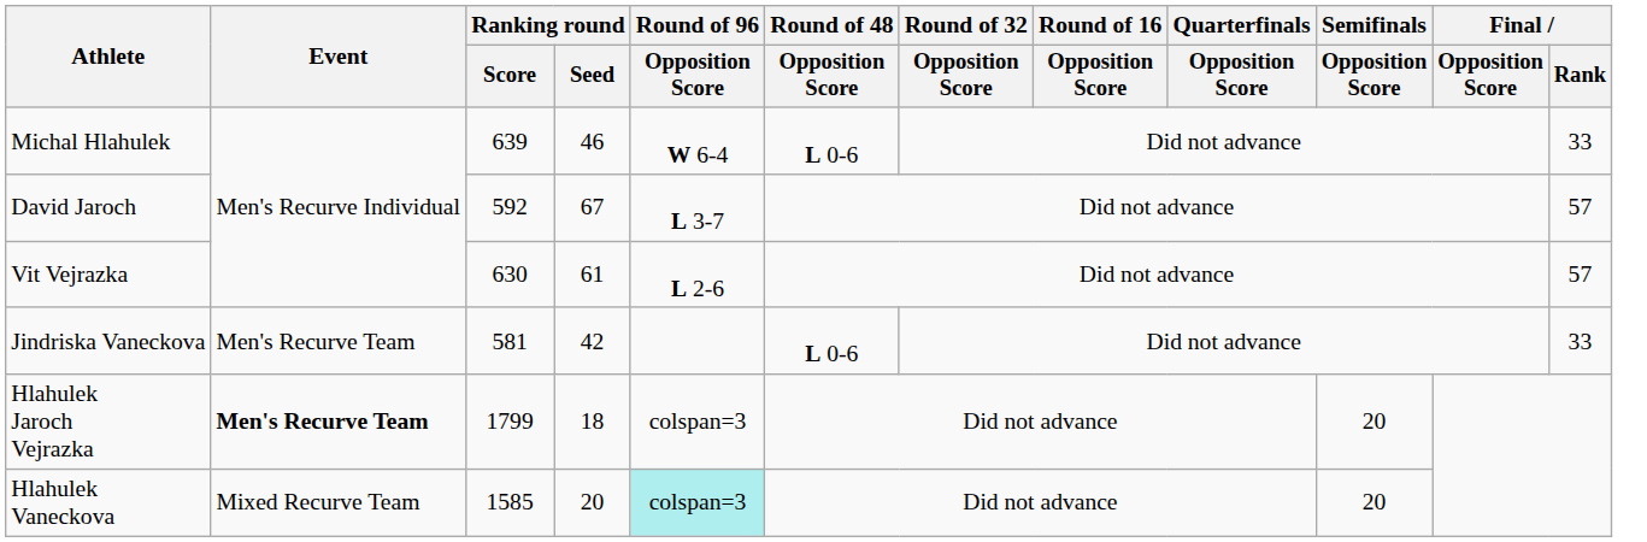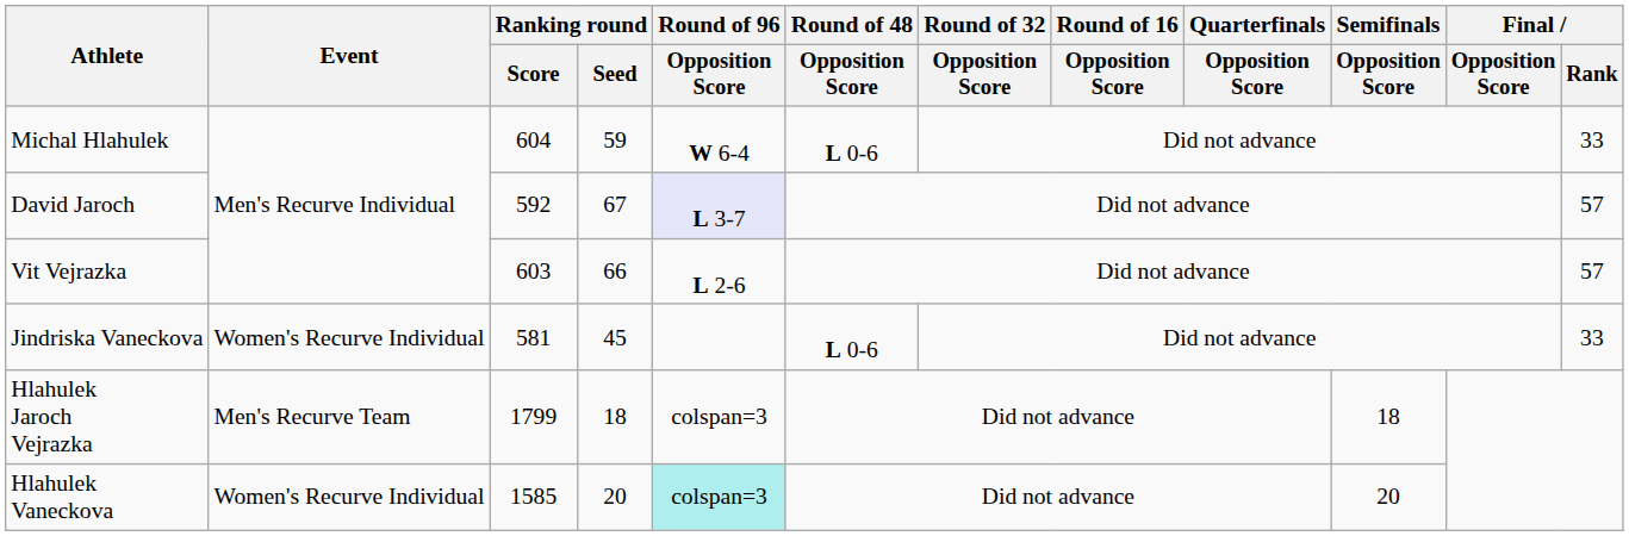 <table class="wikitable" style="font-size:90%">
 <tr>
 <th rowspan=2>Athlete</th>
 <th rowspan=2>Event</th>
 <th colspan="2">Ranking round</th>
 <th>Round of 96</th>
 <th>Round of 48</th>
 <th>Round of 32</th>
 <th>Round of 16</th>
 <th>Quarterfinals</th>
 <th>Semifinals</th>
 <th colspan="2">Final / </th>
 </tr>
 <tr style="font-size:95%">
 <th>Score</th>
 <th>Seed</th>
 <th>Opposition<br>Score</th>
 <th>Opposition<br>Score</th>
 <th>Opposition<br>Score</th>
 <th>Opposition<br>Score</th>
 <th>Opposition<br>Score</th>
 <th>Opposition<br>Score</th>
 <th>Opposition<br>Score</th>
 <th>Rank</th>
 </tr>
 <tr align=center>
 <td align=left>Michal Hlahulek</td>
 <td align=left rowspan=3>Men's Recurve Individual</td>
-<td>639</td>
-<td>46</td>
+<td>604</td>
+<td>59</td>
 <td><br><strong>W</strong> 6-4</td>
 <td><br><strong>L</strong> 0-6</td>
 <td colspan=5>Did not advance</td>
 <td>33</td>
 </tr>
 <tr align=center>
 <td align=left>David Jaroch</td>
 <td>592</td>
 <td>67</td>
-<td><br><strong>L</strong> 3-7</td>
+<td style="background: lavender;"><br><strong>L</strong> 3-7</td>
 <td colspan=6>Did not advance</td>
 <td>57</td>
 </tr>
 <tr align=center>
 <td align=left>Vit Vejrazka</td>
-<td>630</td>
-<td>61</td>
+<td>603</td>
+<td>66</td>
 <td><br><strong>L</strong> 2-6</td>
 <td colspan=6>Did not advance</td>
 <td>57</td>
 </tr>
 <tr align=center>
 <td align=left>Jindriska Vaneckova</td>
-<td align=left>Men's Recurve Team</td>
+<td align=left>Women's Recurve Individual</td>
 <td>581</td>
-<td>42</td>
+<td>45</td>
 <td></td>
 <td><br><strong>L</strong> 0-6</td>
 <td colspan=5>Did not advance</td>
 <td>33</td>
 </tr>
 <tr align=center>
 <td align=left>Hlahulek<br>Jaroch<br>Vejrazka</td>
-<td align=left><strong>Men's Recurve Team</strong></td>
+<td align=left>Men's Recurve Team</td>
 <td>1799</td>
 <td>18</td>
 <td>colspan=3 </td>
 <td colspan=4>Did not advance</td>
-<td>20</td>
+<td>18</td>
 </tr>
 <tr align=center>
 <td align=left>Hlahulek<br>Vaneckova</td>
-<td align=left>Mixed Recurve Team</td>
+<td align=left>Women's Recurve Individual</td>
 <td>1585</td>
 <td>20</td>
 <td style="background: paleturquoise;">colspan=3 </td>
 <td colspan=4>Did not advance</td>
 <td>20</td>
 </tr>
 </table>
